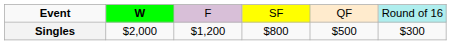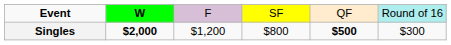 <table class=wikitable style=font-size:95%;text-align:center>
 <tr>
 <td style="width:130px"><strong>Event</strong></td>
 <td style="width:85px; background:lime"><strong>W</strong></td>
 <td style="width:85px; background:thistle">F</td>
 <td style="width:85px; background:#ffff00">SF</td>
 <td style="width:85px; background:#ffebcd">QF</td>
 <td style="width:85px; background:#afeeee">Round of 16</td>
 </tr>
 <tr>
 <th style=background:#f3f3f3>Singles </th>
-<td>$2,000</td>
+<td><strong>$2,000</strong></td>
 <td>$1,200</td>
 <td>$800</td>
-<td>$500</td>
+<td><strong>$500</strong></td>
 <td>$300</td>
 </tr>
 </table>
